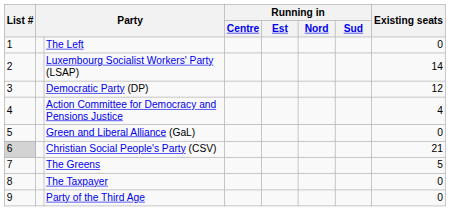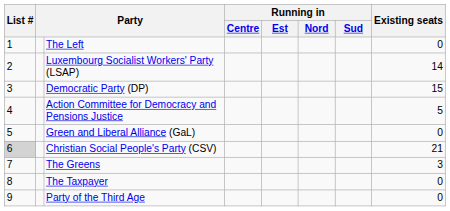 <table class="wikitable">
 <tr>
 <th rowspan=2>List #</th>
 <th rowspan=2 colspan=2>Party</th>
 <th colspan=4>Running in</th>
 <th rowspan=2>Existing seats</th>
 </tr>
 <tr>
 <th width=50px><a href='#'>Centre</a></th>
 <th width=50px><a href='#'>Est</a></th>
 <th width=50px><a href='#'>Nord</a></th>
 <th width=50px><a href='#'>Sud</a></th>
 </tr>
 <tr>
 <td>1</td>
 <td style="background-color: "></td>
 <td><a href='#'>The Left</a></td>
 <td align=center></td>
 <td align=center></td>
 <td align=center></td>
 <td align=center></td>
 <td align=right>0</td>
 </tr>
 <tr>
 <td>2</td>
 <td style="background-color: "></td>
 <td><a href='#'>Luxembourg Socialist Workers' Party</a> (LSAP)</td>
 <td align=center></td>
 <td align=center></td>
 <td align=center></td>
 <td align=center></td>
 <td align=right>14</td>
 </tr>
 <tr>
 <td>3</td>
 <td style="background-color: "></td>
 <td><a href='#'>Democratic Party</a> (DP)</td>
 <td align=center></td>
 <td align=center></td>
 <td align=center></td>
 <td align=center></td>
-<td align=right>12</td>
+<td align=right>15</td>
 </tr>
 <tr>
 <td>4</td>
 <td width=5px style="background-color: "></td>
 <td width=275px><a href='#'>Action Committee for Democracy and Pensions Justice</a></td>
 <td align=center></td>
 <td align=center></td>
 <td align=center></td>
 <td align=center></td>
-<td align=right>4</td>
+<td align=right>5</td>
 </tr>
 <tr>
 <td>5</td>
 <td style="background-color: "></td>
 <td><a href='#'>Green and Liberal Alliance</a> (GaL)</td>
 <td align=center></td>
 <td align=center></td>
 <td align=center></td>
 <td align=center></td>
 <td align=right>0</td>
 </tr>
 <tr>
 <td style="background: lightgrey;">6</td>
 <td style="background-color: "></td>
 <td><a href='#'>Christian Social People's Party</a> (CSV)</td>
 <td align=center></td>
 <td align=center></td>
 <td align=center></td>
 <td align=center></td>
 <td align=right>21</td>
 </tr>
 <tr>
 <td>7</td>
 <td style="background-color: "></td>
 <td><a href='#'>The Greens</a></td>
 <td align=center></td>
 <td align=center></td>
 <td align=center></td>
 <td align=center></td>
-<td align=right>5</td>
+<td align=right>3</td>
 </tr>
 <tr>
 <td>8</td>
 <td style="background-color: "></td>
 <td><a href='#'>The Taxpayer</a></td>
 <td align=center></td>
 <td align=center></td>
 <td align=center></td>
 <td align=center></td>
 <td align=right>0</td>
 </tr>
 <tr>
 <td>9</td>
 <td style="background-color: "></td>
 <td><a href='#'>Party of the Third Age</a></td>
 <td align=center></td>
 <td align=center></td>
 <td align=center></td>
 <td align=center></td>
 <td align=right>0</td>
 </tr>
 </table>
